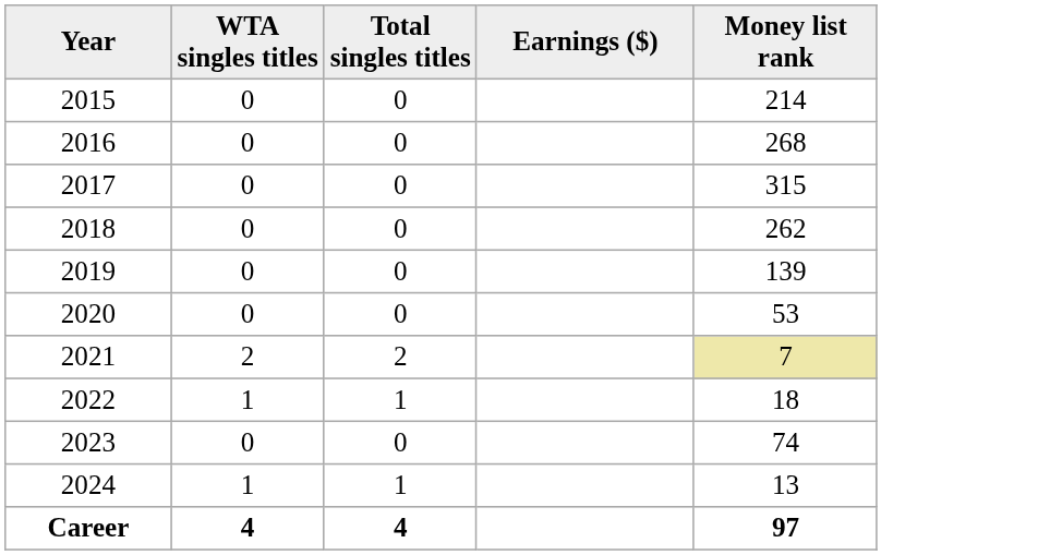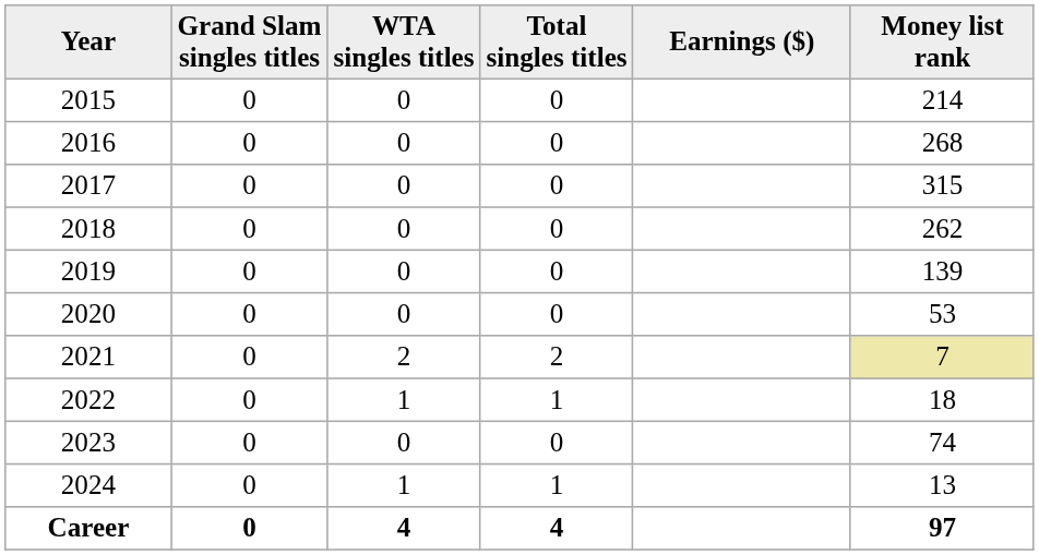 <table cellpadding=3 cellspacing=0 border=1 style=border:#aaa;solid:1px;border-collapse:collapse;text-align:center>
 <tr bgcolor=#eee>
 <td width=90><strong>Year</strong></td>
+<td><strong>Grand Slam<br>singles titles</strong></td>
 <td><strong>WTA <br>singles titles</strong></td>
 <td><strong>Total<br>singles titles</strong></td>
 <td width=120><strong>Earnings ($)</strong></td>
 <td width=100><strong>Money list rank</strong></td>
 </tr>
 <tr>
 <td>2015</td>
 <td>0</td>
 <td>0</td>
+<td>0</td>
 <td align=right></td>
 <td>214</td>
 </tr>
 <tr>
 <td>2016</td>
+<td>0</td>
 <td>0</td>
 <td>0</td>
 <td align=right></td>
 <td>268</td>
 </tr>
 <tr>
 <td>2017</td>
 <td>0</td>
 <td>0</td>
+<td>0</td>
 <td align=right></td>
 <td>315</td>
 </tr>
 <tr>
 <td>2018</td>
+<td>0</td>
 <td>0</td>
 <td>0</td>
 <td align=right></td>
 <td>262</td>
 </tr>
 <tr>
 <td>2019</td>
 <td>0</td>
 <td>0</td>
+<td>0</td>
 <td align=right></td>
 <td>139</td>
 </tr>
 <tr>
 <td>2020</td>
 <td>0</td>
 <td>0</td>
+<td>0</td>
 <td align=right></td>
 <td>53</td>
 </tr>
 <tr>
 <td>2021</td>
+<td>0</td>
 <td>2</td>
 <td>2</td>
 <td align=right></td>
 <td bgcolor=#eee8aa>7</td>
 </tr>
 <tr>
 <td>2022</td>
+<td>0</td>
 <td>1</td>
 <td>1</td>
 <td align=right></td>
 <td>18</td>
 </tr>
 <tr>
 <td>2023</td>
 <td>0</td>
 <td>0</td>
+<td>0</td>
 <td align=right></td>
 <td>74</td>
 </tr>
 <tr>
 <td>2024</td>
+<td>0</td>
 <td>1</td>
 <td>1</td>
 <td align=right></td>
 <td>13</td>
 </tr>
 <tr style="font-weight:bold">
 <td>Career</td>
+<td>0</td>
 <td>4</td>
 <td>4</td>
 <td align="right"></td>
 <td>97</td>
 </tr>
 </table>
